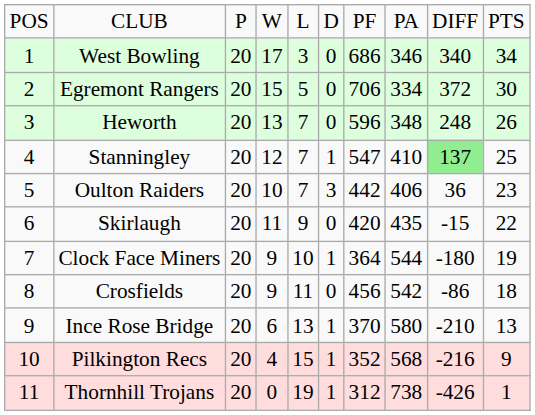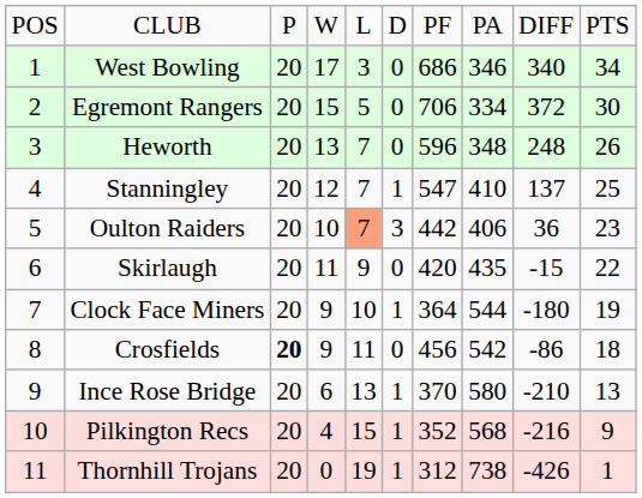 <table class="wikitable" style="text-align: center;">
 <tr>
 <td>POS</td>
 <td>CLUB</td>
 <td>P</td>
 <td>W</td>
 <td>L</td>
 <td>D</td>
 <td>PF</td>
 <td>PA</td>
 <td>DIFF</td>
 <td>PTS</td>
 </tr>
 <tr style="background:#ddffdd;">
 <td>1</td>
 <td>West Bowling</td>
 <td>20</td>
 <td>17</td>
 <td>3</td>
 <td>0</td>
 <td>686</td>
 <td>346</td>
 <td>340</td>
 <td>34</td>
 </tr>
 <tr style="background:#ddffdd;">
 <td>2</td>
 <td>Egremont Rangers</td>
 <td>20</td>
 <td>15</td>
 <td>5</td>
 <td>0</td>
 <td>706</td>
 <td>334</td>
 <td>372</td>
 <td>30</td>
 </tr>
 <tr style="background:#ddffdd;">
 <td>3</td>
 <td>Heworth</td>
 <td>20</td>
 <td>13</td>
 <td>7</td>
 <td>0</td>
 <td>596</td>
 <td>348</td>
 <td>248</td>
 <td>26</td>
 </tr>
 <tr>
 <td>4</td>
 <td>Stanningley</td>
 <td>20</td>
 <td>12</td>
 <td>7</td>
 <td>1</td>
 <td>547</td>
 <td>410</td>
-<td style="background: lightgreen;">137</td>
+<td>137</td>
 <td>25</td>
 </tr>
 <tr>
 <td>5</td>
 <td>Oulton Raiders</td>
 <td>20</td>
 <td>10</td>
-<td>7</td>
+<td style="background: lightsalmon;">7</td>
 <td>3</td>
 <td>442</td>
 <td>406</td>
 <td>36</td>
 <td>23</td>
 </tr>
 <tr>
 <td>6</td>
 <td>Skirlaugh</td>
 <td>20</td>
 <td>11</td>
 <td>9</td>
 <td>0</td>
 <td>420</td>
 <td>435</td>
 <td>-15</td>
 <td>22</td>
 </tr>
 <tr>
 <td>7</td>
 <td>Clock Face Miners</td>
 <td>20</td>
 <td>9</td>
 <td>10</td>
 <td>1</td>
 <td>364</td>
 <td>544</td>
 <td>-180</td>
 <td>19</td>
 </tr>
 <tr>
 <td>8</td>
 <td>Crosfields</td>
-<td>20</td>
+<td><strong>20</strong></td>
 <td>9</td>
 <td>11</td>
 <td>0</td>
 <td>456</td>
 <td>542</td>
 <td>-86</td>
 <td>18</td>
 </tr>
 <tr>
 <td>9</td>
 <td>Ince Rose Bridge</td>
 <td>20</td>
 <td>6</td>
 <td>13</td>
 <td>1</td>
 <td>370</td>
 <td>580</td>
 <td>-210</td>
 <td>13</td>
 </tr>
 <tr style="background:#ffdddd;">
 <td>10</td>
 <td>Pilkington Recs</td>
 <td>20</td>
 <td>4</td>
 <td>15</td>
 <td>1</td>
 <td>352</td>
 <td>568</td>
 <td>-216</td>
 <td>9</td>
 </tr>
 <tr style="background:#ffdddd;">
 <td>11</td>
 <td>Thornhill Trojans</td>
 <td>20</td>
 <td>0</td>
 <td>19</td>
 <td>1</td>
 <td>312</td>
 <td>738</td>
 <td>-426</td>
 <td>1</td>
 </tr>
 </table>
